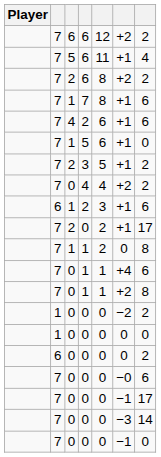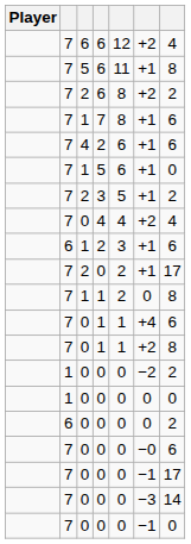 <table class="wikitable sortable" style="text-align:center;">
 <tr align=center>
 <th>Player</th>
 <th></th>
 <th></th>
 <th></th>
 <th></th>
 <th data-sort-type="number"></th>
 <th></th>
 </tr>
 <tr>
 <td></td>
 <td>7</td>
 <td>6</td>
 <td>6</td>
 <td>12</td>
 <td>+2</td>
-<td>2</td>
+<td>4</td>
 </tr>
 <tr>
 <td></td>
 <td>7</td>
 <td>5</td>
 <td>6</td>
 <td>11</td>
 <td>+1</td>
-<td>4</td>
+<td>8</td>
 </tr>
 <tr>
 <td></td>
 <td>7</td>
 <td>2</td>
 <td>6</td>
 <td>8</td>
 <td>+2</td>
 <td>2</td>
 </tr>
 <tr>
 <td></td>
 <td>7</td>
 <td>1</td>
 <td>7</td>
 <td>8</td>
 <td>+1</td>
 <td>6</td>
 </tr>
 <tr>
 <td></td>
 <td>7</td>
 <td>4</td>
 <td>2</td>
 <td>6</td>
 <td>+1</td>
 <td>6</td>
 </tr>
 <tr>
 <td></td>
 <td>7</td>
 <td>1</td>
 <td>5</td>
 <td>6</td>
 <td>+1</td>
 <td>0</td>
 </tr>
 <tr>
 <td></td>
 <td>7</td>
 <td>2</td>
 <td>3</td>
 <td>5</td>
 <td>+1</td>
 <td>2</td>
 </tr>
 <tr>
 <td></td>
 <td>7</td>
 <td>0</td>
 <td>4</td>
 <td>4</td>
 <td>+2</td>
-<td>2</td>
+<td>4</td>
 </tr>
 <tr>
 <td></td>
 <td>6</td>
 <td>1</td>
 <td>2</td>
 <td>3</td>
 <td>+1</td>
 <td>6</td>
 </tr>
 <tr>
 <td></td>
 <td>7</td>
 <td>2</td>
 <td>0</td>
 <td>2</td>
 <td>+1</td>
 <td>17</td>
 </tr>
 <tr>
 <td></td>
 <td>7</td>
 <td>1</td>
 <td>1</td>
 <td>2</td>
 <td>0</td>
 <td>8</td>
 </tr>
 <tr>
 <td></td>
 <td>7</td>
 <td>0</td>
 <td>1</td>
 <td>1</td>
 <td>+4</td>
 <td>6</td>
 </tr>
 <tr>
 <td></td>
 <td>7</td>
 <td>0</td>
 <td>1</td>
 <td>1</td>
 <td>+2</td>
 <td>8</td>
 </tr>
 <tr>
 <td></td>
 <td>1</td>
 <td>0</td>
 <td>0</td>
 <td>0</td>
 <td>−2</td>
 <td>2</td>
 </tr>
 <tr>
 <td></td>
 <td>1</td>
 <td>0</td>
 <td>0</td>
 <td>0</td>
 <td>0</td>
 <td>0</td>
 </tr>
 <tr>
 <td></td>
 <td>6</td>
 <td>0</td>
 <td>0</td>
 <td>0</td>
 <td>0</td>
 <td>2</td>
 </tr>
 <tr>
 <td></td>
 <td>7</td>
 <td>0</td>
 <td>0</td>
 <td>0</td>
 <td>−0</td>
 <td>6</td>
 </tr>
 <tr>
 <td></td>
 <td>7</td>
 <td>0</td>
 <td>0</td>
 <td>0</td>
 <td>−1</td>
 <td>17</td>
 </tr>
 <tr>
 <td></td>
 <td>7</td>
 <td>0</td>
 <td>0</td>
 <td>0</td>
 <td>−3</td>
 <td>14</td>
 </tr>
 <tr>
 <td></td>
 <td>7</td>
 <td>0</td>
 <td>0</td>
 <td>0</td>
 <td>−1</td>
 <td>0</td>
 </tr>
 </table>
